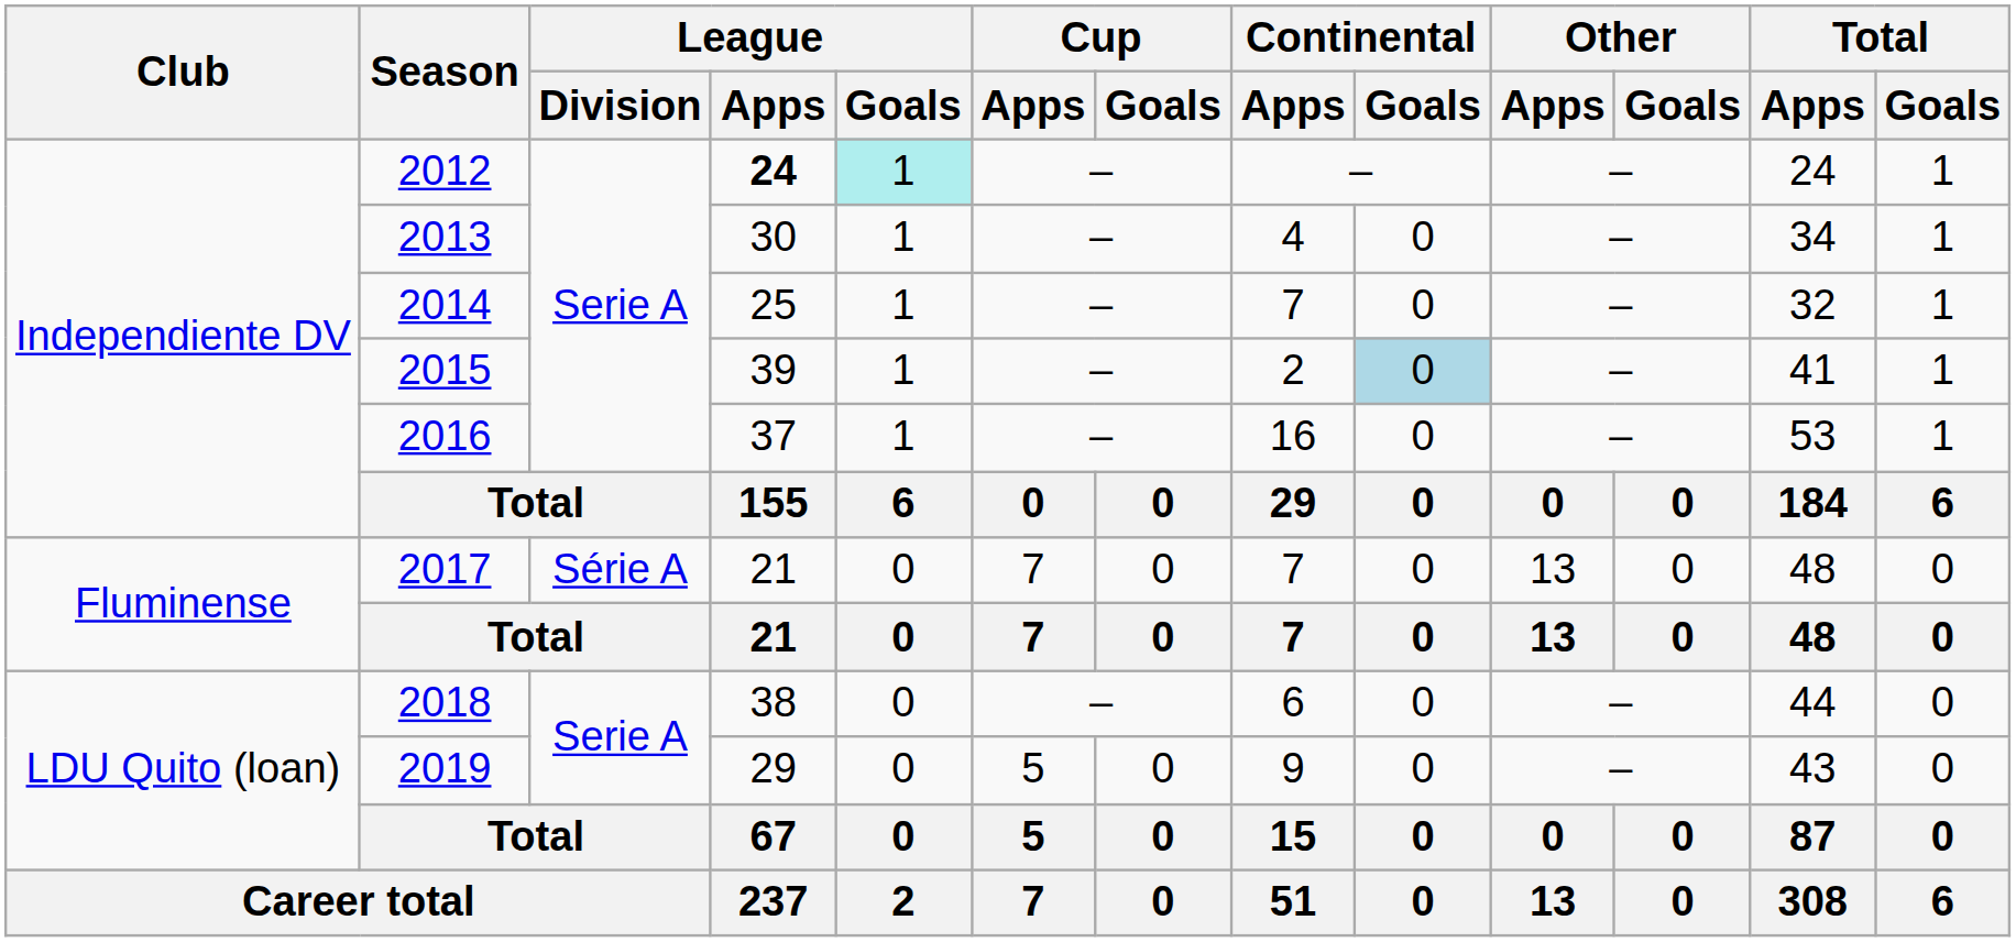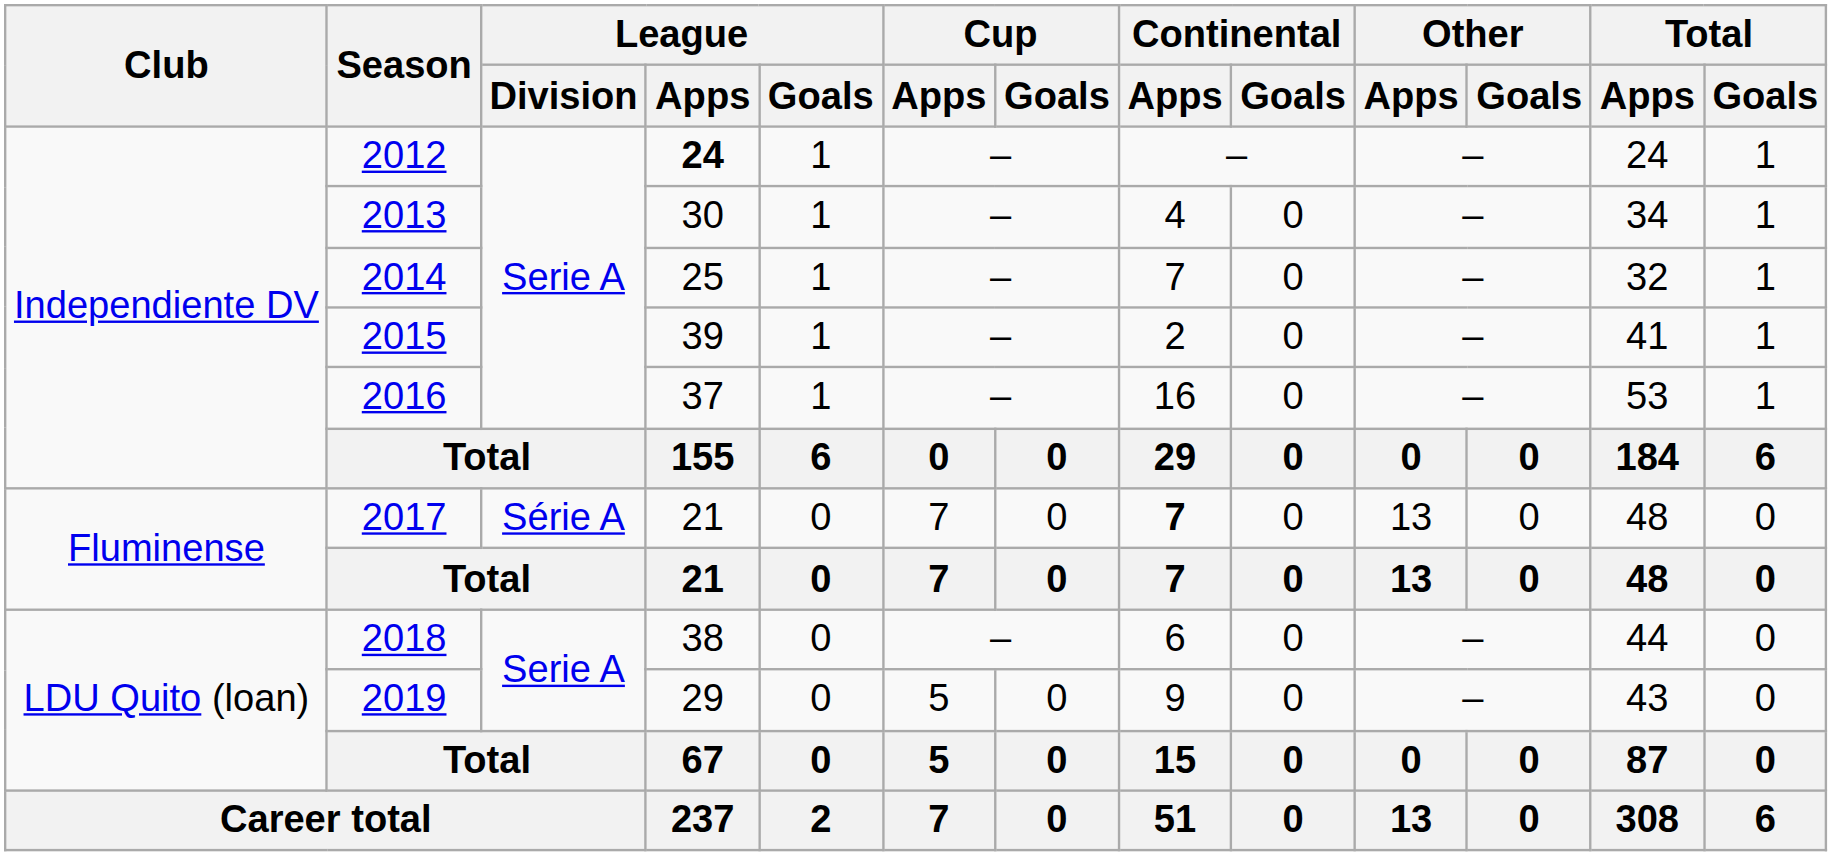 <table class="wikitable" style="text-align: center;">
 <tr>
 <th rowspan="2">Club</th>
 <th rowspan="2">Season</th>
 <th colspan="3">League</th>
 <th colspan="2">Cup</th>
 <th colspan="2">Continental</th>
 <th colspan="2">Other</th>
 <th colspan="2">Total</th>
 </tr>
 <tr>
 <th>Division</th>
 <th>Apps</th>
 <th>Goals</th>
 <th>Apps</th>
 <th>Goals</th>
 <th>Apps</th>
 <th>Goals</th>
 <th>Apps</th>
 <th>Goals</th>
 <th>Apps</th>
 <th>Goals</th>
 </tr>
 <tr>
 <td rowspan="6" valign="center"><a href='#'>Independiente DV</a></td>
 <td><a href='#'>2012</a></td>
 <td rowspan="5" valign="center"><a href='#'>Serie A</a></td>
 <td><strong>24</strong></td>
-<td style="background: paleturquoise;">1</td>
+<td>1</td>
 <td colspan="2">–</td>
 <td colspan="2">–</td>
 <td colspan="2">–</td>
 <td>24</td>
 <td>1</td>
 </tr>
 <tr>
 <td><a href='#'>2013</a></td>
 <td>30</td>
 <td>1</td>
 <td colspan="2">–</td>
 <td>4</td>
 <td>0</td>
 <td colspan="2">–</td>
 <td>34</td>
 <td>1</td>
 </tr>
 <tr>
 <td><a href='#'>2014</a></td>
 <td>25</td>
 <td>1</td>
 <td colspan="2">–</td>
 <td>7</td>
 <td>0</td>
 <td colspan="2">–</td>
 <td>32</td>
 <td>1</td>
 </tr>
 <tr>
 <td><a href='#'>2015</a></td>
 <td>39</td>
 <td>1</td>
 <td colspan="2">–</td>
 <td>2</td>
-<td style="background: lightblue;">0</td>
+<td>0</td>
 <td colspan="2">–</td>
 <td>41</td>
 <td>1</td>
 </tr>
 <tr>
 <td><a href='#'>2016</a></td>
 <td>37</td>
 <td>1</td>
 <td colspan="2">–</td>
 <td>16</td>
 <td>0</td>
 <td colspan="2">–</td>
 <td>53</td>
 <td>1</td>
 </tr>
 <tr>
 <th colspan="2"><strong>Total</strong></th>
 <th>155</th>
 <th>6</th>
 <th>0</th>
 <th>0</th>
 <th>29</th>
 <th>0</th>
 <th>0</th>
 <th>0</th>
 <th>184</th>
 <th>6</th>
 </tr>
 <tr>
 <td rowspan="2" valign="center"><a href='#'>Fluminense</a></td>
 <td><a href='#'>2017</a></td>
 <td rowspan="1" valign="center"><a href='#'>Série A</a></td>
 <td>21</td>
 <td>0</td>
 <td>7</td>
 <td>0</td>
-<td>7</td>
+<td><strong>7</strong></td>
 <td>0</td>
 <td>13</td>
 <td>0</td>
 <td>48</td>
 <td>0</td>
 </tr>
 <tr>
 <th colspan="2"><strong>Total</strong></th>
 <th>21</th>
 <th>0</th>
 <th>7</th>
 <th>0</th>
 <th>7</th>
 <th>0</th>
 <th>13</th>
 <th>0</th>
 <th>48</th>
 <th>0</th>
 </tr>
 <tr>
 <td rowspan="3" valign="center"><a href='#'>LDU Quito</a> (loan)</td>
 <td><a href='#'>2018</a></td>
 <td rowspan="2" valign="center"><a href='#'>Serie A</a></td>
 <td>38</td>
 <td>0</td>
 <td colspan="2">–</td>
 <td>6</td>
 <td>0</td>
 <td colspan="2">–</td>
 <td>44</td>
 <td>0</td>
 </tr>
 <tr>
 <td><a href='#'>2019</a></td>
 <td>29</td>
 <td>0</td>
 <td>5</td>
 <td>0</td>
 <td>9</td>
 <td>0</td>
 <td colspan="2">–</td>
 <td>43</td>
 <td>0</td>
 </tr>
 <tr>
 <th colspan="2"><strong>Total</strong></th>
 <th>67</th>
 <th>0</th>
 <th>5</th>
 <th>0</th>
 <th>15</th>
 <th>0</th>
 <th>0</th>
 <th>0</th>
 <th>87</th>
 <th>0</th>
 </tr>
 <tr>
 <th colspan="3"><strong>Career total</strong></th>
 <th>237</th>
 <th>2</th>
 <th>7</th>
 <th>0</th>
 <th>51</th>
 <th>0</th>
 <th>13</th>
 <th>0</th>
 <th>308</th>
 <th>6</th>
 </tr>
 </table>
